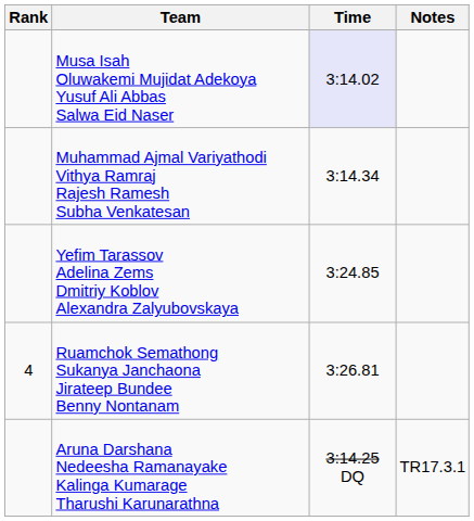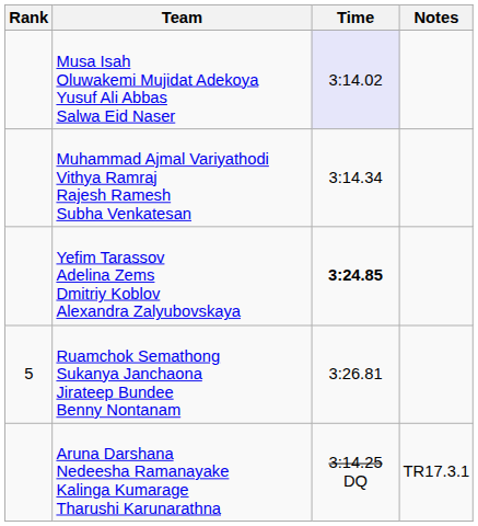 <table class="wikitable" style="text-align:center">
 <tr>
 <th width=40>Rank</th>
 <th width=250>Team</th>
 <th width=80>Time</th>
 <th width=50>Notes</th>
 </tr>
 <tr>
 <td></td>
 <td align=left><br><a href='#'>Musa Isah</a><br><a href='#'>Oluwakemi Mujidat Adekoya</a><br><a href='#'>Yusuf Ali Abbas</a><br><a href='#'>Salwa Eid Naser</a></td>
 <td style="background: lavender;">3:14.02</td>
 <td></td>
 </tr>
 <tr>
 <td></td>
 <td align=left><br><a href='#'>Muhammad Ajmal Variyathodi</a><br><a href='#'>Vithya Ramraj</a><br><a href='#'>Rajesh Ramesh</a><br><a href='#'>Subha Venkatesan</a></td>
 <td>3:14.34</td>
 <td></td>
 </tr>
 <tr>
 <td></td>
 <td align=left><br><a href='#'>Yefim Tarassov</a><br><a href='#'>Adelina Zems</a><br><a href='#'>Dmitriy Koblov</a><br><a href='#'>Alexandra Zalyubovskaya</a></td>
-<td>3:24.85</td>
+<td><strong>3:24.85</strong></td>
 <td></td>
 </tr>
 <tr>
-<td>4</td>
+<td>5</td>
 <td align=left><br><a href='#'>Ruamchok Semathong</a><br><a href='#'>Sukanya Janchaona</a><br><a href='#'>Jirateep Bundee</a><br><a href='#'>Benny Nontanam</a></td>
 <td>3:26.81</td>
 <td></td>
 </tr>
 <tr>
 <td></td>
 <td align=left><br><a href='#'>Aruna Darshana</a><br><a href='#'>Nedeesha Ramanayake</a><br><a href='#'>Kalinga Kumarage</a><br><a href='#'>Tharushi Karunarathna</a></td>
 <td><s>3:14.25</s><br>DQ</td>
 <td>TR17.3.1</td>
 </tr>
 </table>
